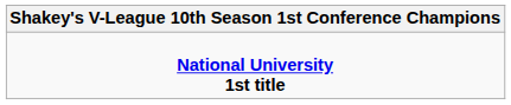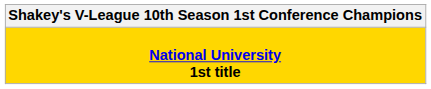 <table class=wikitable style="text-align:center; margin:auto;">
 <tr>
 <th>Shakey's V-League 10th Season 1st Conference Champions</th>
 </tr>
 <tr>
-<td> <br> <strong><a href='#'>National University</a></strong> <br> <strong>1st title</strong></td>
+<td style="background: gold;"> <br> <strong><a href='#'>National University</a></strong> <br> <strong>1st title</strong></td>
 </tr>
 </table>
